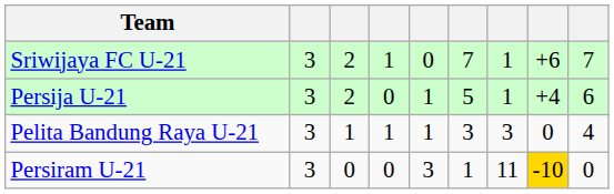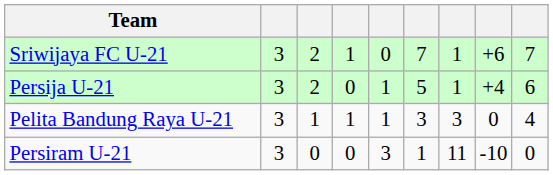 <table class="wikitable" style="text-align:center">
 <tr>
 <th width=190>Team</th>
 <th width=20></th>
 <th width=20></th>
 <th width=20></th>
 <th width=20></th>
 <th width=20></th>
 <th width=20></th>
 <th width=20></th>
 <th width=20></th>
 </tr>
 <tr style="background:#cfc;">
 <td align=left><a href='#'>Sriwijaya FC U-21</a></td>
 <td>3</td>
 <td>2</td>
 <td>1</td>
 <td>0</td>
 <td>7</td>
 <td>1</td>
 <td>+6</td>
 <td>7</td>
 </tr>
 <tr style="background:#cfc;">
 <td align=left><a href='#'>Persija U-21</a></td>
 <td>3</td>
 <td>2</td>
 <td>0</td>
 <td>1</td>
 <td>5</td>
 <td>1</td>
 <td>+4</td>
 <td>6</td>
 </tr>
 <tr>
 <td align=left><a href='#'>Pelita Bandung Raya U-21</a></td>
 <td>3</td>
 <td>1</td>
 <td>1</td>
 <td>1</td>
 <td>3</td>
 <td>3</td>
 <td>0</td>
 <td>4</td>
 </tr>
 <tr>
 <td align=left><a href='#'>Persiram U-21</a></td>
 <td>3</td>
 <td>0</td>
 <td>0</td>
 <td>3</td>
 <td>1</td>
 <td>11</td>
-<td style="background: gold;">-10</td>
+<td>-10</td>
 <td>0</td>
 </tr>
 </table>
